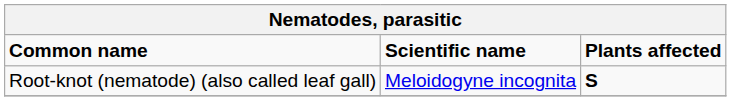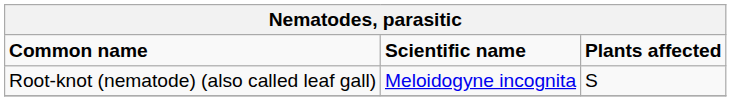 <table class="wikitable" style="clear">
 <tr>
 <th colspan=3><strong>Nematodes, parasitic</strong><br></th>
 </tr>
 <tr>
 <td><strong>Common name</strong></td>
 <td><strong>Scientific name</strong></td>
 <td><strong>Plants affected</strong></td>
 </tr>
 <tr>
 <td>Root-knot (nematode) (also called leaf gall)</td>
 <td><a href='#'>Meloidogyne incognita</a></td>
-<td><strong>S</strong></td>
+<td>S</td>
 </tr>
 <tr>
 </tr>
 </table>
